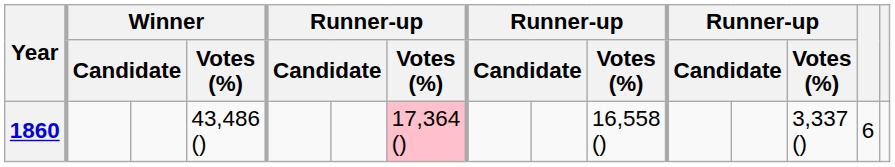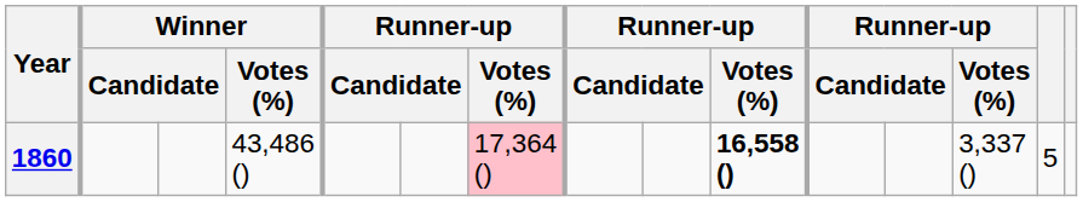 <table class="wikitable">
 <tr>
 <th scope=col rowspan="2">Year</th>
 <th scope=colgroup colspan="3" style="border-left:3px solid darkgray;">Winner</th>
 <th scope=colgroup colspan="3" style="border-left:3px solid darkgray;">Runner-up</th>
 <th scope=colgroup colspan="3" style="border-left:3px solid darkgray;">Runner-up</th>
 <th scope=colgroup colspan="3" style="border-left:3px solid darkgray;">Runner-up</th>
 <th scope="col" rowspan="2"></th>
 <th scope="col" class="unsortable" rowspan="2"></th>
 </tr>
 <tr>
 <th scope="colgroup" style="border-left:3px solid darkgray;" colspan="2">Candidate</th>
 <th scope="col" data-sort-type="number">Votes<br>(%)</th>
 <th scope="colgroup" style="border-left:3px solid darkgray;" colspan="2">Candidate</th>
 <th scope="col" data-sort-type="number">Votes<br>(%)</th>
 <th scope="colgroup" style="border-left:3px solid darkgray;" colspan="2">Candidate</th>
 <th>Votes<br>(%)</th>
 <th scope="colgroup" style="border-left:3px solid darkgray;" colspan="2">Candidate</th>
 <th>Votes<br>(%)</th>
 </tr>
 <tr>
 <th scope="row"> <a href='#'>1860</a></th>
 <td style="text-align:left; border-left:3px solid darkgray; background-color:"></td>
 <td><strong></strong> </td>
 <td>43,486<br>()</td>
 <td style="text-align:left; border-left:3px solid darkgray; background-color:"></td>
 <td> </td>
 <td style="background: pink;">17,364<br>()</td>
 <td style="text-align:left; border-left:3px solid darkgray; background-color:"></td>
 <td> </td>
-<td>16,558<br>()</td>
+<td><strong>16,558<br>()</strong></td>
 <td style="text-align:left; border-left:3px solid darkgray; background-color:"></td>
 <td> </td>
 <td>3,337	<br>()</td>
-<td>6</td>
+<td>5</td>
 <td></td>
 </tr>
 </table>
